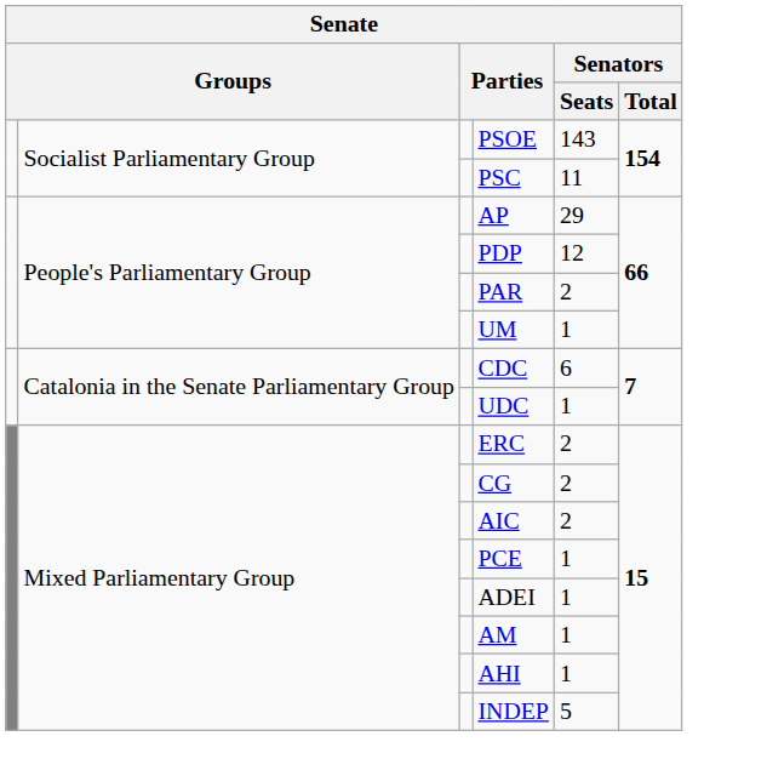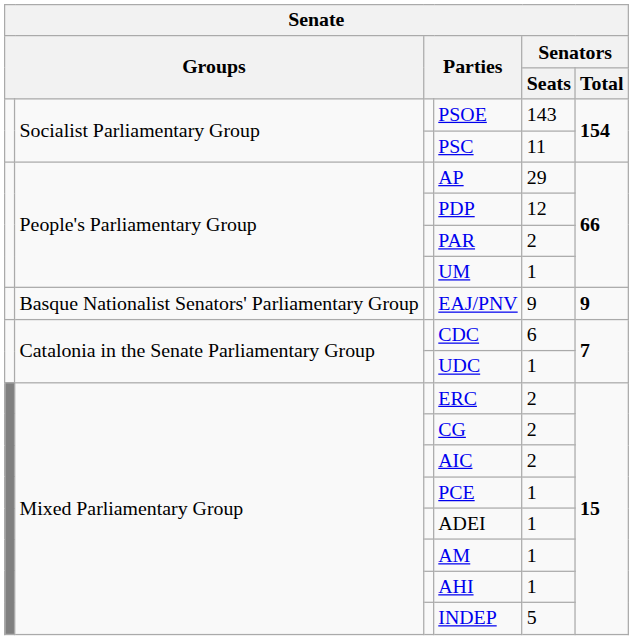 <table class="wikitable" style="text-align:left;">
 <tr>
 <th colspan="6">Senate</th>
 </tr>
 <tr>
 <th rowspan="2" colspan="2">Groups</th>
 <th rowspan="2" colspan="2">Parties</th>
 <th colspan="2">Senators</th>
 </tr>
 <tr>
 <th>Seats</th>
 <th>Total</th>
 </tr>
 <tr>
 <td width="1" rowspan="2"></td>
 <td rowspan="2">Socialist Parliamentary Group</td>
 <td width="1" style="color:inherit;background:"></td>
 <td><a href='#'>PSOE</a></td>
 <td>143</td>
 <td rowspan="2"><strong>154</strong></td>
 </tr>
 <tr>
 <td style="color:inherit;background:"></td>
 <td><a href='#'>PSC</a></td>
 <td>11</td>
 </tr>
 <tr>
 <td rowspan="4" style="color:inherit;background:"></td>
 <td rowspan="4">People's Parliamentary Group</td>
 <td style="color:inherit;background:"></td>
 <td><a href='#'>AP</a></td>
 <td>29</td>
 <td rowspan="4"><strong>66</strong></td>
 </tr>
 <tr>
 <td style="color:inherit;background:"></td>
 <td><a href='#'>PDP</a></td>
 <td>12</td>
 </tr>
 <tr>
 <td style="color:inherit;background:"></td>
 <td><a href='#'>PAR</a></td>
 <td>2</td>
 </tr>
 <tr>
 <td style="color:inherit;background:"></td>
 <td><a href='#'>UM</a></td>
 <td>1</td>
+</tr>
+<tr>
+<td style="color:inherit;background:"></td>
+<td>Basque Nationalist Senators' Parliamentary Group</td>
+<td style="color:inherit;background:"></td>
+<td><a href='#'>EAJ/PNV</a></td>
+<td>9</td>
+<td><strong>9</strong></td>
 </tr>
 <tr>
 <td rowspan="2" style="color:inherit;background:"></td>
 <td rowspan="2">Catalonia in the Senate Parliamentary Group</td>
 <td style="color:inherit;background:"></td>
 <td><a href='#'>CDC</a></td>
 <td>6</td>
 <td rowspan="2"><strong>7</strong></td>
 </tr>
 <tr>
 <td style="color:inherit;background:"></td>
 <td><a href='#'>UDC</a></td>
 <td>1</td>
 </tr>
 <tr>
 <td rowspan="8" bgcolor="gray"></td>
 <td rowspan="8">Mixed Parliamentary Group</td>
 <td style="color:inherit;background:"></td>
 <td><a href='#'>ERC</a></td>
 <td>2</td>
 <td rowspan="8"><strong>15</strong></td>
 </tr>
 <tr>
 <td style="color:inherit;background:"></td>
 <td><a href='#'>CG</a></td>
 <td>2</td>
 </tr>
 <tr>
 <td style="color:inherit;background:"></td>
 <td><a href='#'>AIC</a></td>
 <td>2</td>
 </tr>
 <tr>
 <td style="color:inherit;background:"></td>
 <td><a href='#'>PCE</a></td>
 <td>1</td>
 </tr>
 <tr>
 <td style="color:inherit;background:"></td>
 <td>ADEI</td>
 <td>1</td>
 </tr>
 <tr>
 <td style="color:inherit;background:"></td>
 <td><a href='#'>AM</a></td>
 <td>1</td>
 </tr>
 <tr>
 <td style="color:inherit;background:"></td>
 <td><a href='#'>AHI</a></td>
 <td>1</td>
 </tr>
 <tr>
 <td style="color:inherit;background:"></td>
 <td><a href='#'>INDEP</a></td>
 <td>5</td>
 </tr>
 </table>
